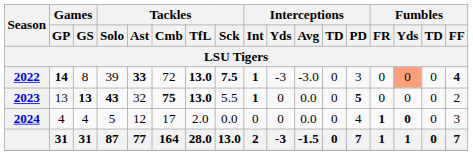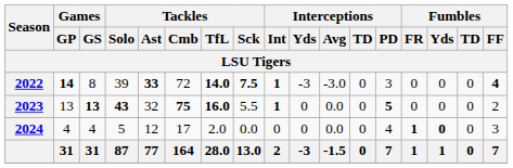 <table class="wikitable" style="text-align:center;">
 <tr>
 <th rowspan="2">Season</th>
 <th colspan="2">Games</th>
 <th colspan="5">Tackles</th>
 <th colspan="5">Interceptions</th>
 <th colspan="4">Fumbles</th>
 </tr>
 <tr>
 <th>GP</th>
 <th>GS</th>
 <th>Solo</th>
 <th>Ast</th>
 <th>Cmb</th>
 <th>TfL</th>
 <th>Sck</th>
 <th>Int</th>
 <th>Yds</th>
 <th>Avg</th>
 <th>TD</th>
 <th>PD</th>
 <th>FR</th>
 <th>Yds</th>
 <th>TD</th>
 <th>FF</th>
 </tr>
 <tr>
 <th colspan="17">LSU Tigers</th>
 </tr>
 <tr>
 <th><a href='#'>2022</a></th>
 <td><strong>14</strong></td>
 <td>8</td>
 <td>39</td>
 <td><strong>33</strong></td>
 <td>72</td>
-<td><strong>13.0</strong></td>
+<td><strong>14.0</strong></td>
 <td><strong>7.5</strong></td>
 <td><strong>1</strong></td>
 <td>-3</td>
 <td>-3.0</td>
 <td>0</td>
 <td>3</td>
 <td>0</td>
-<td style="background: lightsalmon;">0</td>
+<td>0</td>
 <td>0</td>
 <td><strong>4</strong></td>
 </tr>
 <tr>
 <th><a href='#'>2023</a></th>
 <td>13</td>
 <td><strong>13</strong></td>
 <td><strong>43</strong></td>
 <td>32</td>
 <td><strong>75</strong></td>
-<td><strong>13.0</strong></td>
+<td><strong>16.0</strong></td>
 <td>5.5</td>
 <td><strong>1 </strong></td>
 <td>0</td>
 <td>0.0</td>
 <td>0</td>
 <td><strong>5</strong></td>
 <td>0</td>
 <td>0</td>
 <td>0</td>
 <td>2</td>
 </tr>
 <tr>
 <th><a href='#'>2024</a></th>
 <td>4</td>
 <td>4</td>
 <td>5</td>
 <td>12</td>
 <td>17</td>
 <td>2.0</td>
 <td>0.0</td>
 <td>0</td>
 <td>0</td>
 <td>0.0</td>
 <td>0</td>
 <td>4</td>
 <td><strong>1</strong></td>
 <td><strong>0</strong></td>
 <td>0</td>
 <td>3</td>
 </tr>
 <tr>
 <th></th>
 <th>31</th>
 <th>31</th>
 <th>87</th>
 <th>77</th>
 <th>164</th>
 <th>28.0</th>
 <th>13.0</th>
 <th>2</th>
 <th>-3</th>
 <th>-1.5</th>
 <th>0</th>
 <th>7</th>
 <th>1</th>
 <th>1</th>
 <th>0</th>
 <th>7</th>
 </tr>
 <tr>
 </tr>
 </table>
